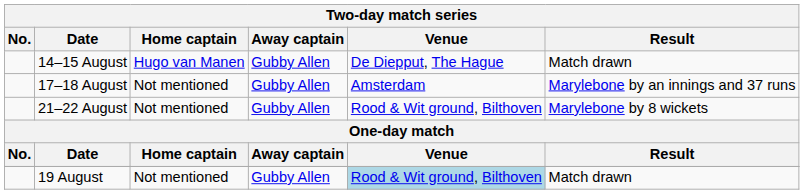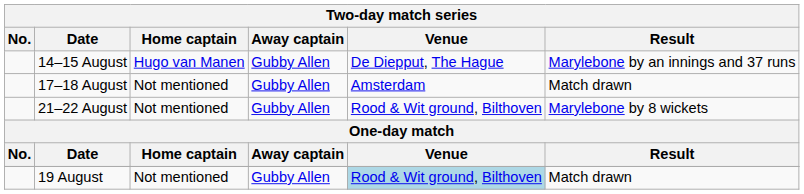 <table class="wikitable">
 <tr>
 <th colspan="9">Two-day match series</th>
 </tr>
 <tr>
 <th>No.</th>
 <th>Date</th>
 <th>Home captain</th>
 <th>Away captain</th>
 <th>Venue</th>
 <th>Result</th>
 </tr>
 <tr>
 <td></td>
 <td>14–15 August</td>
 <td><a href='#'>Hugo van Manen</a></td>
 <td><a href='#'>Gubby Allen</a></td>
 <td><a href='#'>De Diepput</a>, <a href='#'>The Hague</a></td>
-<td>Match drawn</td>
+<td><a href='#'>Marylebone</a> by an innings and 37 runs</td>
 </tr>
 <tr>
 <td></td>
 <td>17–18 August</td>
 <td>Not mentioned</td>
 <td><a href='#'>Gubby Allen</a></td>
 <td><a href='#'>Amsterdam</a></td>
-<td><a href='#'>Marylebone</a> by an innings and 37 runs</td>
+<td>Match drawn</td>
 </tr>
 <tr>
 <td></td>
 <td>21–22 August</td>
 <td>Not mentioned</td>
 <td><a href='#'>Gubby Allen</a></td>
 <td><a href='#'>Rood & Wit ground</a>, <a href='#'>Bilthoven</a></td>
 <td><a href='#'>Marylebone</a> by 8 wickets</td>
 </tr>
 <tr>
 <th colspan="9">One-day match</th>
 </tr>
 <tr>
 <th>No.</th>
 <th>Date</th>
 <th>Home captain</th>
 <th>Away captain</th>
 <th>Venue</th>
 <th>Result</th>
 </tr>
 <tr>
 </tr>
 <tr>
 <td></td>
 <td>19 August</td>
 <td>Not mentioned</td>
 <td><a href='#'>Gubby Allen</a></td>
 <td style="background: lightblue;"><a href='#'>Rood & Wit ground</a>, <a href='#'>Bilthoven</a></td>
 <td>Match drawn</td>
 </tr>
 </table>
